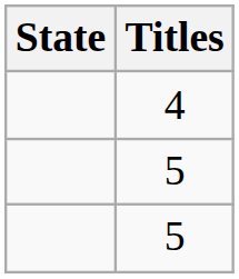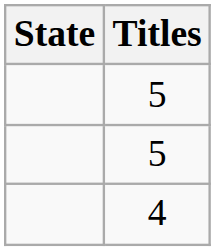 <table class="wikitable sortable" style="text-align:center;">
 <tr>
 <th>State</th>
 <th>Titles</th>
-</tr>
-<tr>
-<td align="left"></td>
-<td>4</td>
 </tr>
 <tr>
 <td align="left"></td>
 <td>5</td>
 </tr>
 <tr>
 <td align="left"></td>
 <td>5</td>
 </tr>
+<tr>
+<td align="left"></td>
+<td>4</td>
+</tr>
 </table>
